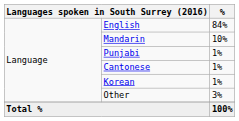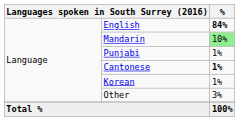 <table class="wikitable">
 <tr>
 <th colspan=2>Languages spoken in South Surrey (2016)</th>
 <th>%</th>
 </tr>
 <tr>
 <td rowspan=6>Language</td>
 <td><a href='#'>English</a></td>
-<td>84%</td>
+<td><strong>84%</strong></td>
 </tr>
 <tr>
 <td><a href='#'>Mandarin</a></td>
-<td>10%</td>
+<td style="background: lightgreen;">10%</td>
 </tr>
 <tr>
 <td><a href='#'>Punjabi</a></td>
 <td>1%</td>
 </tr>
 <tr>
 <td><a href='#'>Cantonese</a></td>
-<td>1%</td>
+<td><strong>1%</strong></td>
 </tr>
 <tr>
 <td><a href='#'>Korean</a></td>
 <td>1%</td>
 </tr>
 <tr>
 <td>Other</td>
 <td>3%</td>
 </tr>
 <tr>
 </tr>
 <tr style="background:#efefef; font-weight:bold">
 <td colspan=2>Total %</td>
 <td>100%</td>
 </tr>
 </table>
